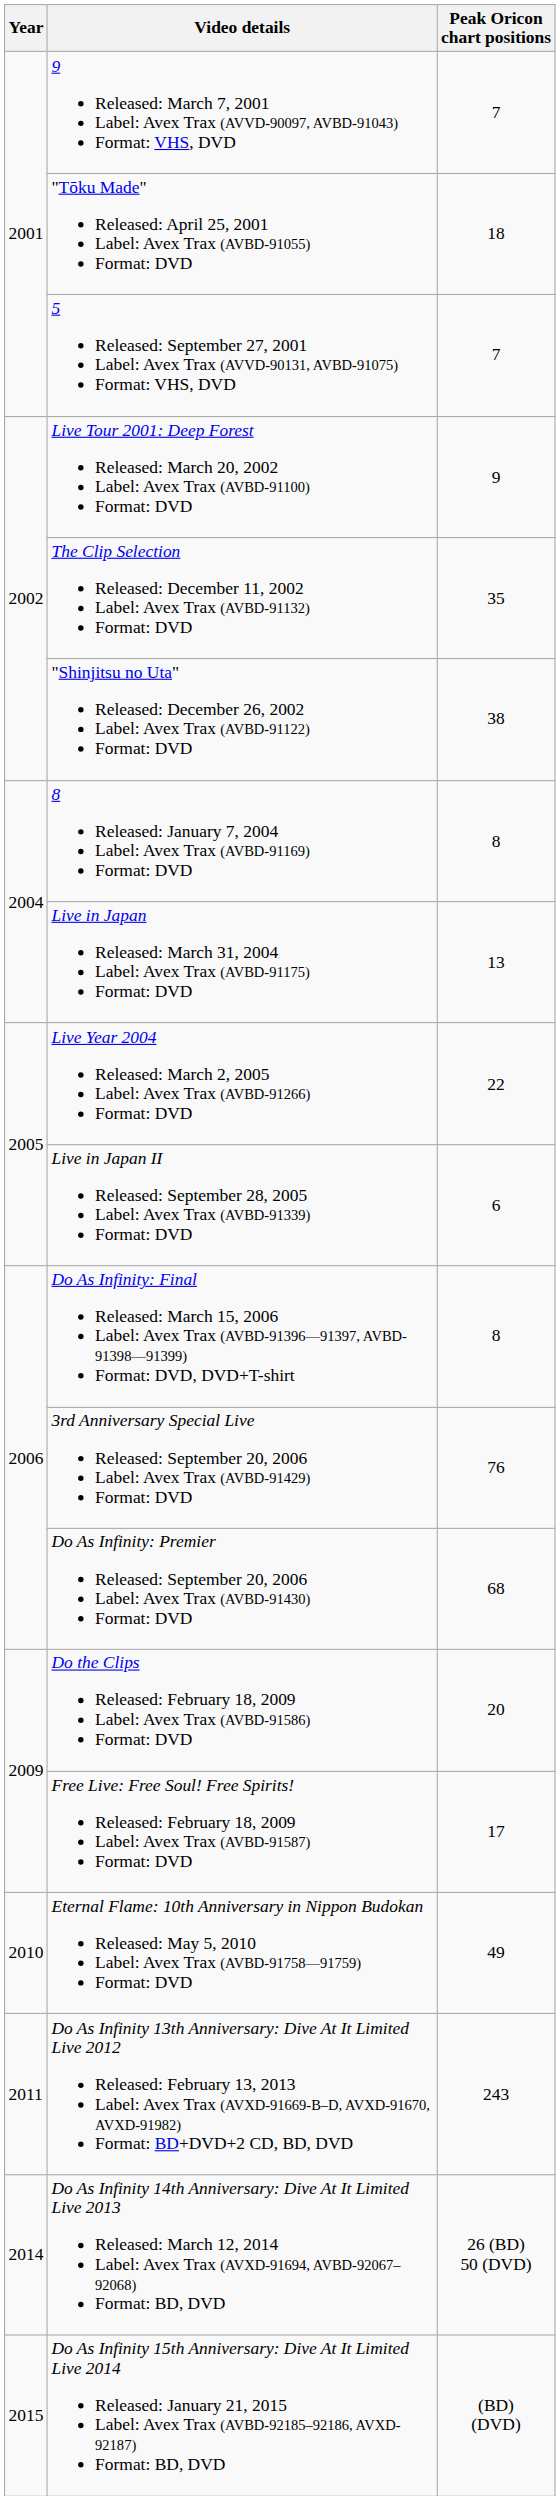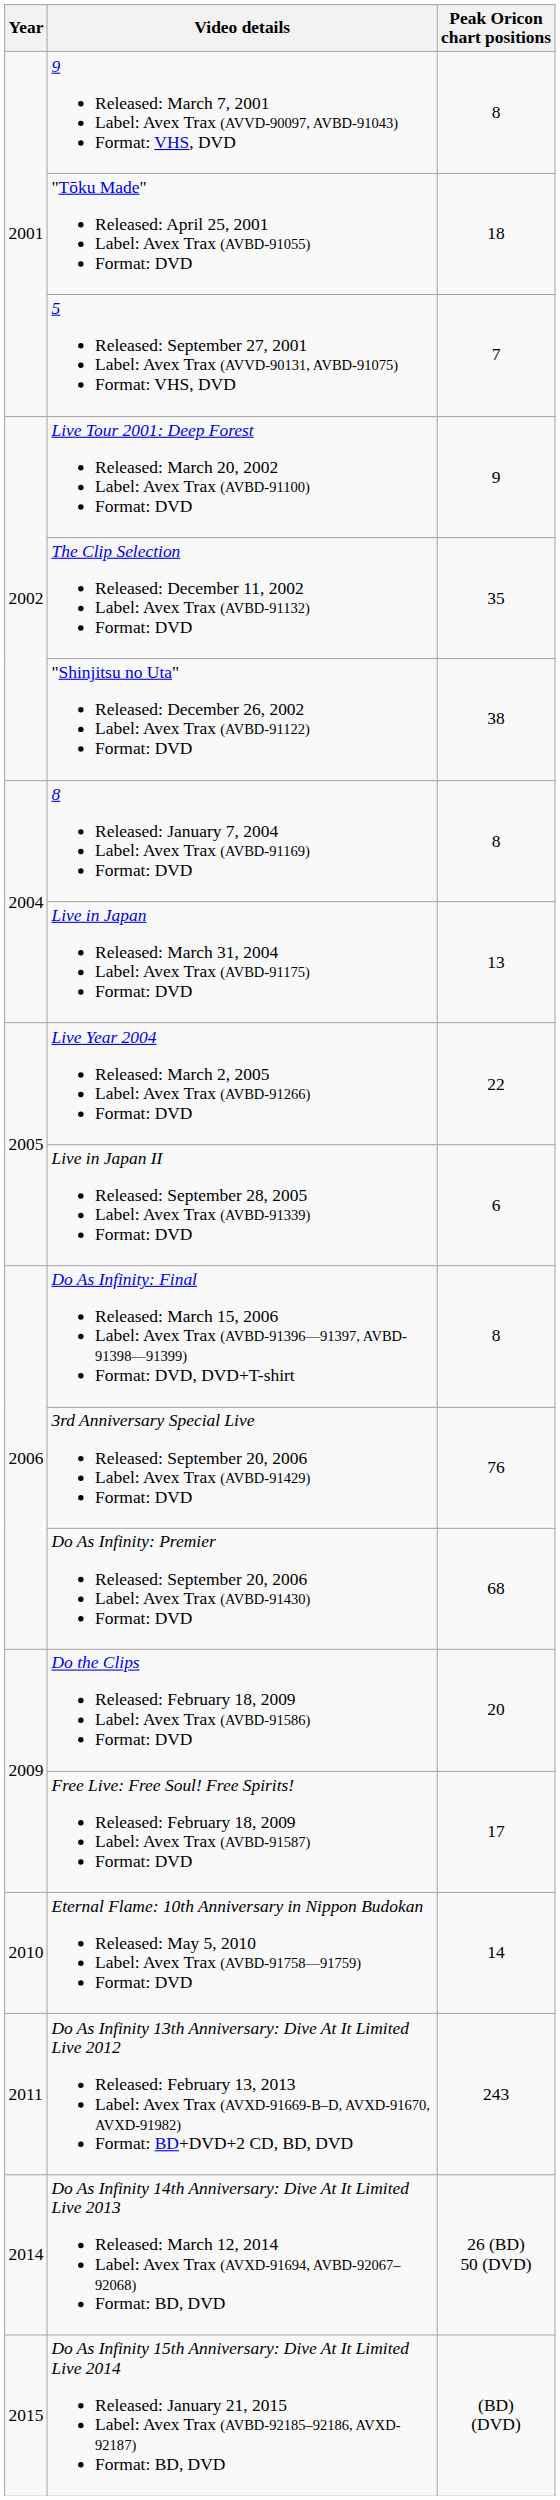 <table class="wikitable" border="1">
 <tr>
 <th rowspan="1">Year</th>
 <th rowspan="1" width="350">Video details</th>
 <th colspan="1">Peak Oricon<br> chart positions</th>
 </tr>
 <tr>
 <td rowspan="3">2001</td>
 <td align="left"><em><a href='#'>9</a></em><br><ul><li>Released: March 7, 2001</li><li>Label: Avex Trax <small>(AVVD-90097, AVBD-91043)</small></li><li>Format: <a href='#'>VHS</a>, DVD</li></ul></td>
-<td align="center">7</td>
+<td align="center">8</td>
 </tr>
 <tr>
 <td align="left">"<a href='#'>Tōku Made</a>"<br><ul><li>Released: April 25, 2001</li><li>Label: Avex Trax <small>(AVBD-91055)</small></li><li>Format: DVD</li></ul></td>
 <td align="center">18</td>
 </tr>
 <tr>
 <td align="left"><em><a href='#'>5</a></em><br><ul><li>Released: September 27, 2001</li><li>Label: Avex Trax <small>(AVVD-90131, AVBD-91075)</small></li><li>Format: VHS, DVD</li></ul></td>
 <td align="center">7</td>
 </tr>
 <tr>
 <td rowspan="3">2002</td>
 <td align="left"><em><a href='#'>Live Tour 2001: Deep Forest</a></em><br><ul><li>Released: March 20, 2002</li><li>Label: Avex Trax <small>(AVBD-91100)</small></li><li>Format: DVD</li></ul></td>
 <td align="center">9</td>
 </tr>
 <tr>
 <td align="left"><em><a href='#'>The Clip Selection</a></em><br><ul><li>Released: December 11, 2002</li><li>Label: Avex Trax <small>(AVBD-91132)</small></li><li>Format: DVD</li></ul></td>
 <td align="center">35</td>
 </tr>
 <tr>
 <td align="left">"<a href='#'>Shinjitsu no Uta</a>"<br><ul><li>Released: December 26, 2002</li><li>Label: Avex Trax <small>(AVBD-91122)</small></li><li>Format: DVD</li></ul></td>
 <td align="center">38</td>
 </tr>
 <tr>
 <td rowspan="2">2004</td>
 <td align="left"><em><a href='#'>8</a></em><br><ul><li>Released: January 7, 2004</li><li>Label: Avex Trax <small>(AVBD-91169)</small></li><li>Format: DVD</li></ul></td>
 <td align="center">8</td>
 </tr>
 <tr>
 <td align="left"><em><a href='#'>Live in Japan</a></em><br><ul><li>Released: March 31, 2004</li><li>Label: Avex Trax <small>(AVBD-91175)</small></li><li>Format: DVD</li></ul></td>
 <td align="center">13</td>
 </tr>
 <tr>
 <td rowspan="2">2005</td>
 <td align="left"><em><a href='#'>Live Year 2004</a></em><br><ul><li>Released: March 2, 2005</li><li>Label: Avex Trax <small>(AVBD-91266)</small></li><li>Format: DVD</li></ul></td>
 <td align="center">22</td>
 </tr>
 <tr>
 <td align="left"><em>Live in Japan II</em><br><ul><li>Released: September 28, 2005</li><li>Label: Avex Trax <small>(AVBD-91339)</small></li><li>Format: DVD</li></ul></td>
 <td align="center">6</td>
 </tr>
 <tr>
 <td rowspan="3">2006</td>
 <td align="left"><em><a href='#'>Do As Infinity: Final</a></em><br><ul><li>Released: March 15, 2006</li><li>Label: Avex Trax <small>(AVBD-91396—91397, AVBD-91398—91399)</small></li><li>Format: DVD, DVD+T-shirt</li></ul></td>
 <td align="center">8</td>
 </tr>
 <tr>
 <td align="left"><em>3rd Anniversary Special Live</em><br><ul><li>Released: September 20, 2006</li><li>Label: Avex Trax <small>(AVBD-91429)</small></li><li>Format: DVD</li></ul></td>
 <td align="center">76</td>
 </tr>
 <tr>
 <td align="left"><em>Do As Infinity: Premier</em><br><ul><li>Released: September 20, 2006</li><li>Label: Avex Trax <small>(AVBD-91430)</small></li><li>Format: DVD</li></ul></td>
 <td align="center">68</td>
 </tr>
 <tr>
 <td rowspan="2">2009</td>
 <td align="left"><em><a href='#'>Do the Clips</a></em><br><ul><li>Released: February 18, 2009</li><li>Label: Avex Trax <small>(AVBD-91586)</small></li><li>Format: DVD</li></ul></td>
 <td align="center">20</td>
 </tr>
 <tr>
 <td align="left"><em>Free Live: Free Soul! Free Spirits!</em><br><ul><li>Released: February 18, 2009</li><li>Label: Avex Trax <small>(AVBD-91587)</small></li><li>Format: DVD</li></ul></td>
 <td align="center">17</td>
 </tr>
 <tr>
 <td>2010</td>
 <td align="left"><em>Eternal Flame: 10th Anniversary in Nippon Budokan</em><br><ul><li>Released: May 5, 2010</li><li>Label: Avex Trax <small>(AVBD-91758—91759)</small></li><li>Format: DVD</li></ul></td>
-<td align="center">49</td>
+<td align="center">14</td>
 </tr>
 <tr>
 <td>2011</td>
 <td align="left"><em>Do As Infinity 13th Anniversary: Dive At It Limited Live 2012</em><br><ul><li>Released: February 13, 2013</li><li>Label: Avex Trax <small>(AVXD-91669-B–D, AVXD-91670, AVXD-91982)</small></li><li>Format: <a href='#'>BD</a>+DVD+2 CD, BD, DVD</li></ul></td>
 <td align="center">243</td>
 </tr>
 <tr>
 <td>2014</td>
 <td align="left"><em>Do As Infinity 14th Anniversary: Dive At It Limited Live 2013</em><br><ul><li>Released: March 12, 2014</li><li>Label: Avex Trax <small>(AVXD-91694, AVBD-92067–92068)</small></li><li>Format: BD, DVD</li></ul></td>
 <td align="center">26 (BD)<br>50 (DVD)</td>
 </tr>
 <tr>
 <td>2015</td>
 <td align="left"><em>Do As Infinity 15th Anniversary: Dive At It Limited Live 2014</em><br><ul><li>Released: January 21, 2015</li><li>Label: Avex Trax <small>(AVBD-92185–92186, AVXD-92187)</small></li><li>Format: BD, DVD</li></ul></td>
 <td align="center">(BD)<br>(DVD)<br></td>
 </tr>
 </table>
